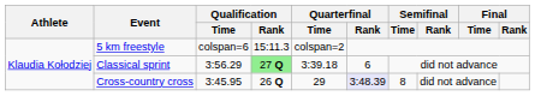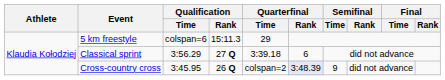 <table class="wikitable" style="font-size:90%">
 <tr>
 <th rowspan="2">Athlete</th>
 <th rowspan="2">Event</th>
 <th colspan="2">Qualification</th>
 <th colspan="2">Quarterfinal</th>
 <th colspan="2">Semifinal</th>
 <th colspan="2">Final</th>
 </tr>
 <tr style="font-size:95%">
 <th>Time</th>
 <th>Rank</th>
 <th>Time</th>
 <th>Rank</th>
 <th>Time</th>
 <th>Rank</th>
 <th>Time</th>
 <th>Rank</th>
 </tr>
 <tr align=center>
 <td align=left rowspan=3><a href='#'>Klaudia Kołodziej</a></td>
 <td align=left><a href='#'>5 km freestyle</a></td>
 <td>colspan=6 </td>
 <td>15:11.3</td>
-<td>colspan=2 </td>
+<td>29</td>
 </tr>
 <tr align=center>
 <td align=left><a href='#'>Classical sprint</a></td>
 <td>3:56.29</td>
-<td style="background: lightgreen;">27 <strong>Q</strong></td>
+<td>27 <strong>Q</strong></td>
 <td>3:39.18</td>
 <td>6</td>
 <td colspan=4>did not advance</td>
 </tr>
 <tr align=center>
 <td align=left><a href='#'>Cross-country cross</a></td>
 <td>3:45.95</td>
 <td>26 <strong>Q</strong></td>
-<td>29</td>
+<td>colspan=2 </td>
 <td style="background: lavender;">3:48.39</td>
-<td>8</td>
+<td>9</td>
 <td colspan=2>did not advance</td>
 </tr>
 </table>
